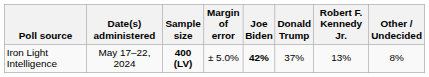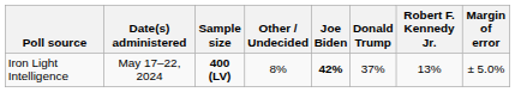 <table class="wikitable sortable mw-datatable" style="font-size:90%;text-align:center;line-height:17px">
 <tr valign=bottom>
 <th>Poll source</th>
 <th>Date(s)<br>administered</th>
 <th>Sample<br>size</th>
-<th>Margin<br>of error</th>
+<th class="unsortable">Other /<br>Undecided</th>
 <th class="unsortable">Joe<br>Biden<br></th>
 <th class="unsortable">Donald<br>Trump<br></th>
 <th class="unsortable">Robert F.<br>Kennedy Jr.<br></th>
-<th class="unsortable">Other /<br>Undecided</th>
+<th>Margin<br>of error</th>
 </tr>
 <tr>
 <td style="text-align:left;">Iron Light Intelligence</td>
 <td data-sort-value="2024-05-23">May 17–22, 2024</td>
 <td><strong>400 (LV)</strong></td>
-<td>± 5.0%</td>
+<td>8%</td>
 <td style="color:black;background-color:"><strong>42%</strong></td>
 <td>37%</td>
 <td>13%</td>
-<td>8%</td>
+<td>± 5.0%</td>
 </tr>
 </table>
